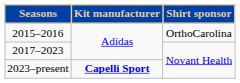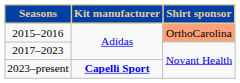 <table class="wikitable" style="text-align: center">
 <tr>
 <th style="background-color:#003FA5; color:#E4CE9B; border:2px solid #E4CE9B" !scope=col>Seasons</th>
 <th style="background-color:#003FA5; color:#E4CE9B; border:2px solid #E4CE9B" !scope=col>Kit manufacturer</th>
 <th style="background-color:#003FA5; color:#E4CE9B; border:2px solid #E4CE9B" !scope=col>Shirt sponsor</th>
 </tr>
 <tr>
 <td>2015–2016</td>
 <td rowspan="2"><a href='#'>Adidas</a></td>
-<td>OrthoCarolina</td>
+<td style="background: lightsalmon;">OrthoCarolina</td>
 </tr>
 <tr>
 <td>2017–2023</td>
 <td rowspan="2"><a href='#'>Novant Health</a></td>
 </tr>
 <tr>
 <td>2023–present</td>
 <td><strong><a href='#'>Capelli Sport</a></strong></td>
 </tr>
 </table>
